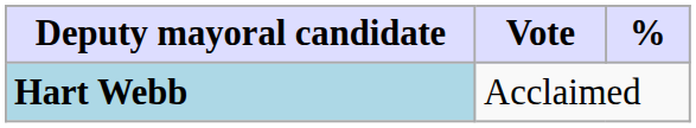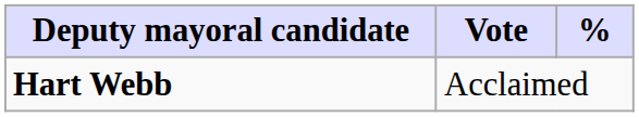 <table class="wikitable">
 <tr>
 <th style="background:#ddf; width:200px;">Deputy mayoral candidate</th>
 <th style="background:#ddf; width:50px;">Vote</th>
 <th style="background:#ddf; width:30px;">%</th>
 </tr>
 <tr>
-<td style="background: lightblue;"><strong>Hart Webb</strong></td>
+<td><strong>Hart Webb</strong></td>
 <td colspan="2">Acclaimed</td>
 </tr>
 </table>
